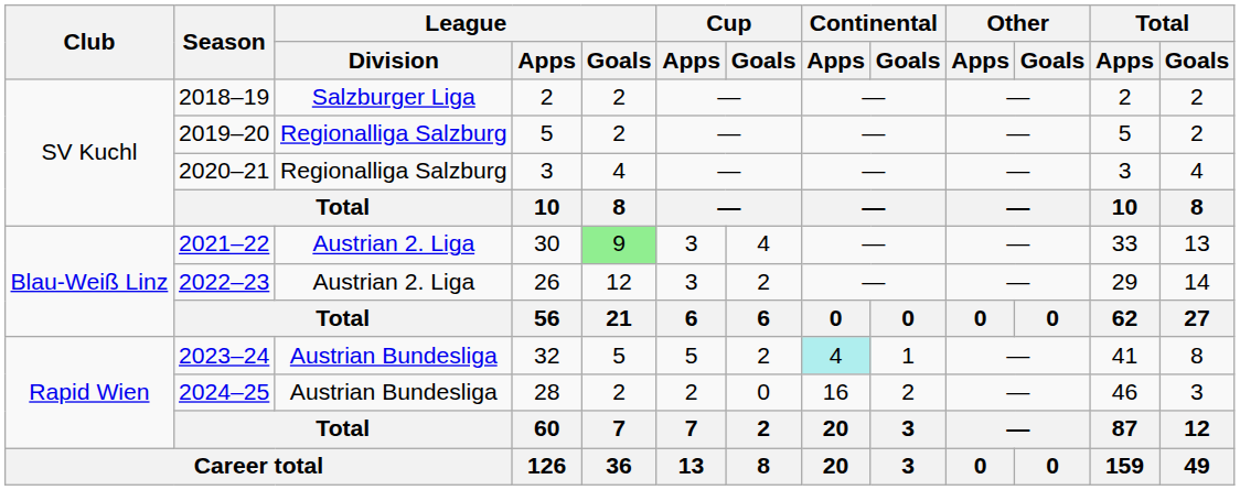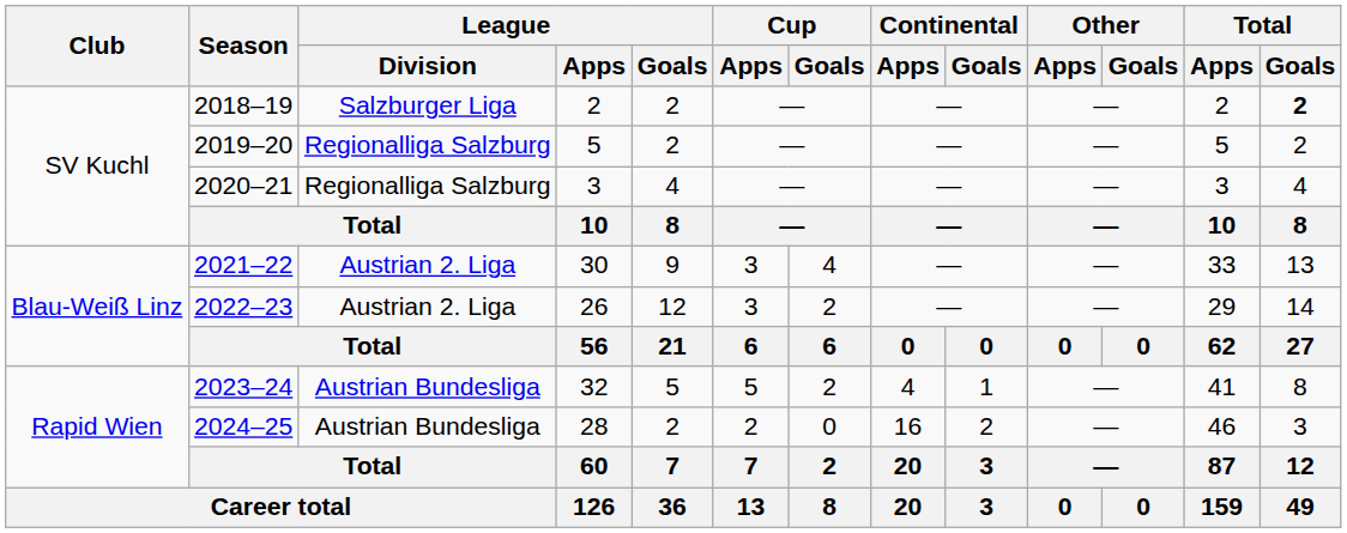 <table class="wikitable" style="text-align: center;">
 <tr>
 <th rowspan=2>Club</th>
 <th rowspan=2>Season</th>
 <th colspan=3>League</th>
 <th colspan=2>Cup</th>
 <th colspan=2>Continental</th>
 <th colspan=2>Other</th>
 <th colspan=2>Total</th>
 </tr>
 <tr>
 <th>Division</th>
 <th>Apps</th>
 <th>Goals</th>
 <th>Apps</th>
 <th>Goals</th>
 <th>Apps</th>
 <th>Goals</th>
 <th>Apps</th>
 <th>Goals</th>
 <th>Apps</th>
 <th>Goals</th>
 </tr>
 <tr>
 <td rowspan="4">SV Kuchl</td>
 <td>2018–19</td>
 <td><a href='#'>Salzburger Liga</a></td>
 <td>2</td>
 <td>2</td>
 <td colspan="2">—</td>
 <td colspan="2">—</td>
 <td colspan="2">—</td>
 <td>2</td>
-<td>2</td>
+<td><strong>2</strong></td>
 </tr>
 <tr>
 <td>2019–20</td>
 <td><a href='#'>Regionalliga Salzburg</a></td>
 <td>5</td>
 <td>2</td>
 <td colspan="2">—</td>
 <td colspan="2">—</td>
 <td colspan="2">—</td>
 <td>5</td>
 <td>2</td>
 </tr>
 <tr>
 <td>2020–21</td>
 <td>Regionalliga Salzburg</td>
 <td>3</td>
 <td>4</td>
 <td colspan="2">—</td>
 <td colspan="2">—</td>
 <td colspan="2">—</td>
 <td>3</td>
 <td>4</td>
 </tr>
 <tr>
 <th colspan="2">Total</th>
 <th>10</th>
 <th>8</th>
 <th colspan="2">—</th>
 <th colspan="2">—</th>
 <th colspan="2">—</th>
 <th>10</th>
 <th>8</th>
 </tr>
 <tr>
 <td rowspan="3"><a href='#'>Blau-Weiß Linz</a></td>
 <td><a href='#'>2021–22</a></td>
 <td><a href='#'>Austrian 2. Liga</a></td>
 <td>30</td>
-<td style="background: lightgreen;">9</td>
+<td>9</td>
 <td>3</td>
 <td>4</td>
 <td colspan="2">—</td>
 <td colspan="2">—</td>
 <td>33</td>
 <td>13</td>
 </tr>
 <tr>
 <td><a href='#'>2022–23</a></td>
 <td>Austrian 2. Liga</td>
 <td>26</td>
 <td>12</td>
 <td>3</td>
 <td>2</td>
 <td colspan="2">—</td>
 <td colspan="2">—</td>
 <td>29</td>
 <td>14</td>
 </tr>
 <tr>
 <th colspan="2">Total</th>
 <th>56</th>
 <th>21</th>
 <th>6</th>
 <th>6</th>
 <th>0</th>
 <th>0</th>
 <th>0</th>
 <th>0</th>
 <th>62</th>
 <th>27</th>
 </tr>
 <tr>
 <td rowspan="3"><a href='#'>Rapid Wien</a></td>
 <td><a href='#'>2023–24</a></td>
 <td><a href='#'>Austrian Bundesliga</a></td>
 <td>32</td>
 <td>5</td>
 <td>5</td>
 <td>2</td>
-<td style="background: paleturquoise;">4</td>
+<td>4</td>
 <td>1</td>
 <td colspan="2">—</td>
 <td>41</td>
 <td>8</td>
 </tr>
 <tr>
 <td><a href='#'>2024–25</a></td>
 <td>Austrian Bundesliga</td>
 <td>28</td>
 <td>2</td>
 <td>2</td>
 <td>0</td>
 <td>16</td>
 <td>2</td>
 <td colspan="2">—</td>
 <td>46</td>
 <td>3</td>
 </tr>
 <tr>
 <th colspan="2">Total</th>
 <th>60</th>
 <th>7</th>
 <th>7</th>
 <th>2</th>
 <th>20</th>
 <th>3</th>
 <th colspan="2">—</th>
 <th>87</th>
 <th>12</th>
 </tr>
 <tr>
 <th colspan="3">Career total</th>
 <th>126</th>
 <th>36</th>
 <th>13</th>
 <th>8</th>
 <th>20</th>
 <th>3</th>
 <th>0</th>
 <th>0</th>
 <th>159</th>
 <th>49</th>
 </tr>
 </table>
